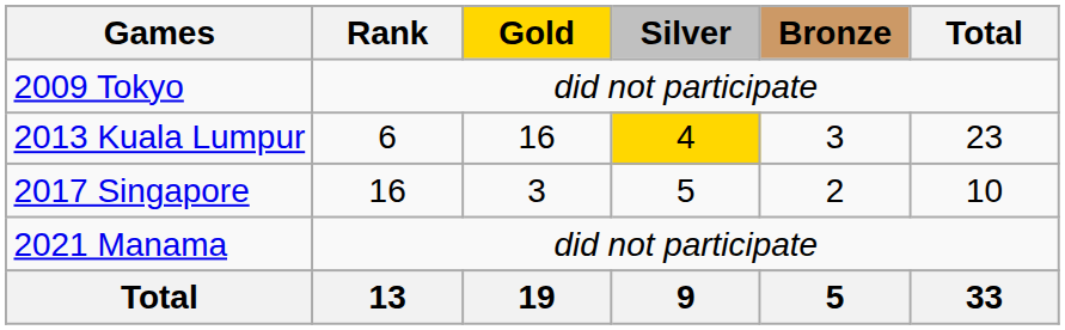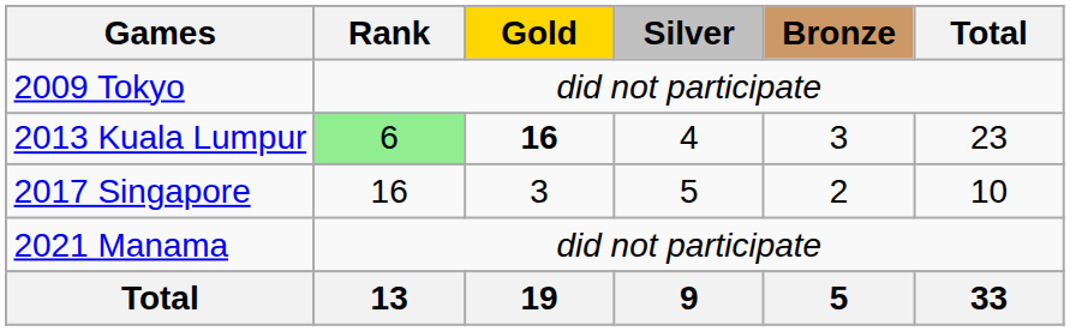 <table class="wikitable" style="text-align:center; font-size:90%;">
 <tr>
 <th>Games</th>
 <th style="width:4em;">Rank</th>
 <th style="background:gold; width:4em;"><strong>Gold</strong></th>
 <th style="background:silver; width:4em;"><strong>Silver</strong></th>
 <th style="background:#cc9966; width:4em;"><strong>Bronze</strong></th>
 <th style="width:4em;">Total</th>
 </tr>
 <tr>
 <td align=left> <a href='#'>2009 Tokyo</a></td>
 <td colspan=5><em>did not participate</em></td>
 </tr>
 <tr>
 <td align=left> <a href='#'>2013 Kuala Lumpur</a></td>
-<td>6</td>
-<td>16</td>
-<td style="background: gold;">4</td>
+<td style="background: lightgreen;">6</td>
+<td><strong>16</strong></td>
+<td>4</td>
 <td>3</td>
 <td>23</td>
 </tr>
 <tr>
 <td align=left> <a href='#'>2017 Singapore</a></td>
 <td>16</td>
 <td>3</td>
 <td>5</td>
 <td>2</td>
 <td>10</td>
 </tr>
 <tr>
 <td align=left> <a href='#'>2021 Manama</a></td>
 <td colspan="5"><em>did not participate</em></td>
 </tr>
 <tr>
 <th>Total</th>
 <th>13</th>
 <th>19</th>
 <th>9</th>
 <th>5</th>
 <th>33</th>
 </tr>
 </table>
